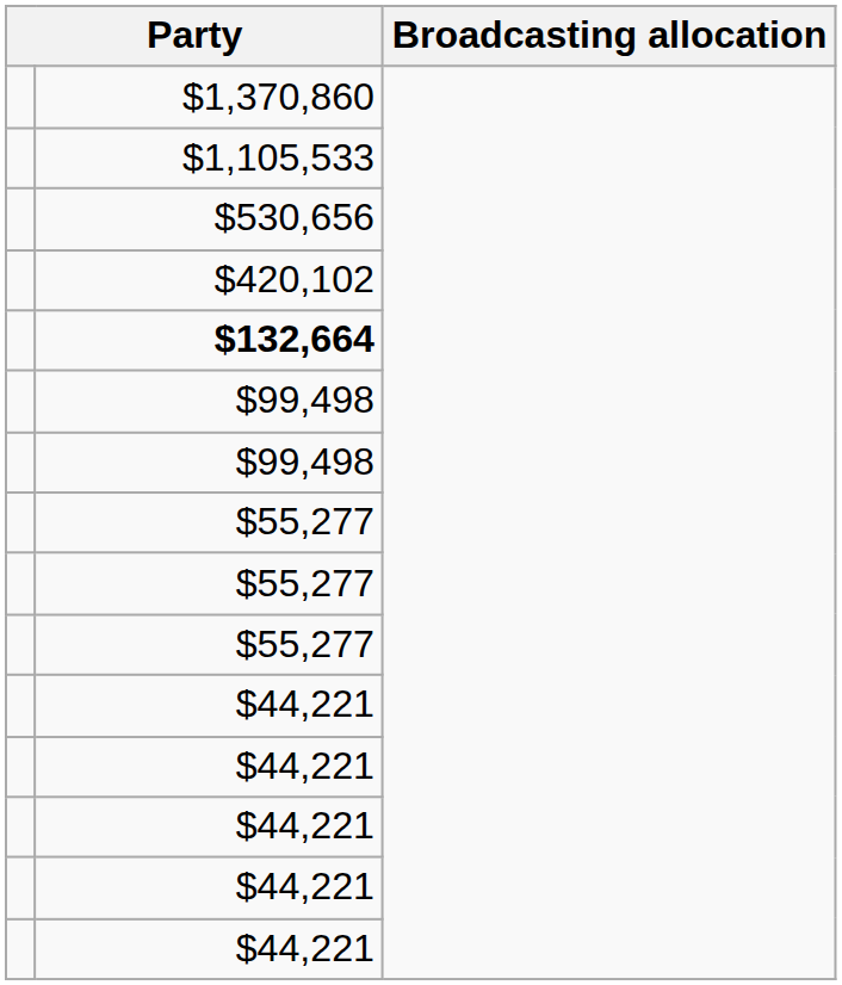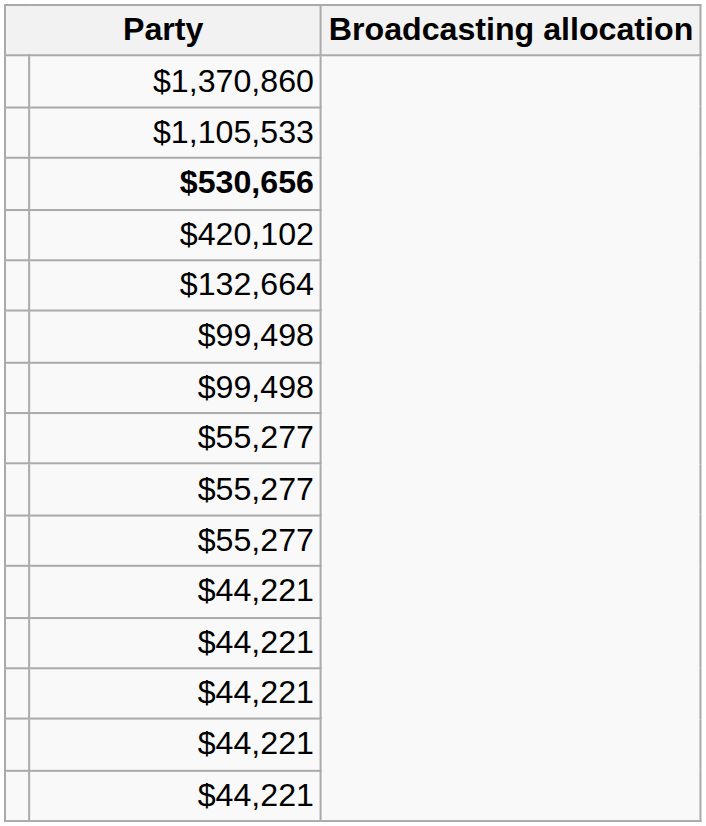 <table class="wikitable">
 <tr>
 <th colspan=2 style="width:150px">Party</th>
 <th>Broadcasting allocation</th>
 </tr>
 <tr>
 <td></td>
 <td style="text-align:right;">$1,370,860</td>
 </tr>
 <tr>
 <td></td>
 <td style="text-align:right;">$1,105,533</td>
 </tr>
 <tr>
 <td></td>
-<td style="text-align:right;">$530,656</td>
+<td style="text-align:right;"><strong>$530,656</strong></td>
 </tr>
 <tr>
 <td></td>
 <td style="text-align:right;">$420,102</td>
 </tr>
 <tr>
 <td></td>
-<td style="text-align:right;"><strong>$132,664</strong></td>
+<td style="text-align:right;">$132,664</td>
 </tr>
 <tr>
 <td></td>
 <td style="text-align:right;">$99,498</td>
 </tr>
 <tr>
 <td></td>
 <td style="text-align:right;">$99,498</td>
 </tr>
 <tr>
 <td></td>
 <td style="text-align:right;">$55,277</td>
 </tr>
 <tr>
 <td></td>
 <td style="text-align:right;">$55,277</td>
 </tr>
 <tr>
 <td></td>
 <td style="text-align:right;">$55,277</td>
 </tr>
 <tr>
 <td></td>
 <td style="text-align:right;">$44,221</td>
 </tr>
 <tr>
 <td></td>
 <td style="text-align:right;">$44,221</td>
 </tr>
 <tr>
 <td></td>
 <td style="text-align:right;">$44,221</td>
 </tr>
 <tr>
 <td></td>
 <td style="text-align:right;">$44,221</td>
 </tr>
 <tr>
 <td></td>
 <td style="text-align:right;">$44,221</td>
 </tr>
 </table>
